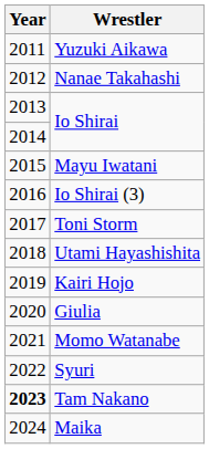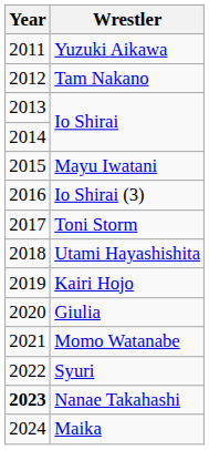 <table class="wikitable">
 <tr>
 <th>Year</th>
 <th>Wrestler</th>
 </tr>
 <tr>
 <td>2011</td>
 <td><a href='#'>Yuzuki Aikawa</a></td>
 </tr>
 <tr>
 <td>2012</td>
-<td><a href='#'>Nanae Takahashi</a></td>
+<td><a href='#'>Tam Nakano</a></td>
 </tr>
 <tr>
 <td>2013</td>
 <td rowspan="2"><a href='#'>Io Shirai</a></td>
 </tr>
 <tr>
 <td>2014</td>
 </tr>
 <tr>
 <td>2015</td>
 <td><a href='#'>Mayu Iwatani</a></td>
 </tr>
 <tr>
 <td>2016</td>
 <td><a href='#'>Io Shirai</a> (3)</td>
 </tr>
 <tr>
 <td>2017</td>
 <td><a href='#'>Toni Storm</a></td>
 </tr>
 <tr>
 <td>2018</td>
 <td><a href='#'>Utami Hayashishita</a></td>
 </tr>
 <tr>
 <td>2019</td>
 <td><a href='#'>Kairi Hojo</a></td>
 </tr>
 <tr>
 <td>2020</td>
 <td><a href='#'>Giulia</a></td>
 </tr>
 <tr>
 <td>2021</td>
 <td><a href='#'>Momo Watanabe</a></td>
 </tr>
 <tr>
 <td>2022</td>
 <td><a href='#'>Syuri</a></td>
 </tr>
 <tr>
 <td><strong>2023</strong></td>
-<td><a href='#'>Tam Nakano</a></td>
+<td><a href='#'>Nanae Takahashi</a></td>
 </tr>
 <tr>
 <td>2024</td>
 <td><a href='#'>Maika</a></td>
 </tr>
 </table>
